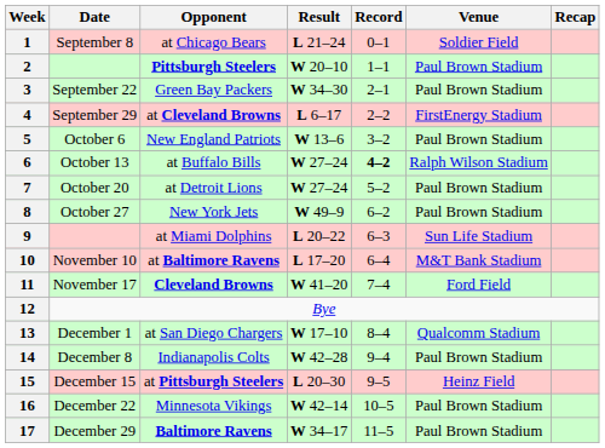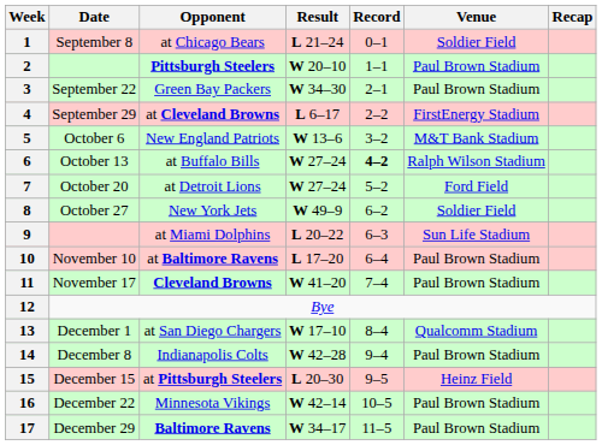 <table class="wikitable" style="text-align:center">
 <tr>
 <th>Week</th>
 <th>Date</th>
 <th>Opponent</th>
 <th>Result</th>
 <th>Record</th>
 <th>Venue</th>
 <th>Recap</th>
 </tr>
 <tr style="background:#fcc">
 <th>1</th>
 <td>September 8</td>
 <td>at <a href='#'>Chicago Bears</a></td>
 <td><strong>L</strong> 21–24</td>
 <td>0–1</td>
 <td><a href='#'>Soldier Field</a></td>
 <td></td>
 </tr>
 <tr style="background:#cfc">
 <th>2</th>
 <td></td>
 <td><strong><a href='#'>Pittsburgh Steelers</a></strong></td>
 <td><strong>W</strong> 20–10</td>
 <td>1–1</td>
 <td><a href='#'>Paul Brown Stadium</a></td>
 <td></td>
 </tr>
 <tr style="background:#cfc">
 <th>3</th>
 <td>September 22</td>
 <td><a href='#'>Green Bay Packers</a></td>
 <td><strong>W</strong> 34–30</td>
 <td>2–1</td>
 <td>Paul Brown Stadium</td>
 <td></td>
 </tr>
 <tr style="background:#fcc">
 <th>4</th>
 <td>September 29</td>
 <td>at <strong><a href='#'>Cleveland Browns</a></strong></td>
 <td><strong>L</strong> 6–17</td>
 <td>2–2</td>
 <td><a href='#'>FirstEnergy Stadium</a></td>
 <td></td>
 </tr>
 <tr style="background:#cfc">
 <th>5</th>
 <td>October 6</td>
 <td><a href='#'>New England Patriots</a></td>
 <td><strong>W</strong> 13–6</td>
 <td>3–2</td>
-<td>Paul Brown Stadium</td>
+<td><a href='#'>M&T Bank Stadium</a></td>
 <td></td>
 </tr>
 <tr style="background:#cfc">
 <th>6</th>
 <td>October 13</td>
 <td>at <a href='#'>Buffalo Bills</a></td>
 <td><strong>W</strong> 27–24 </td>
 <td><strong>4–2</strong></td>
 <td><a href='#'>Ralph Wilson Stadium</a></td>
 <td></td>
 </tr>
 <tr style="background:#cfc">
 <th>7</th>
 <td>October 20</td>
 <td>at <a href='#'>Detroit Lions</a></td>
 <td><strong>W</strong> 27–24</td>
 <td>5–2</td>
-<td>Paul Brown Stadium</td>
+<td><a href='#'>Ford Field</a></td>
 <td></td>
 </tr>
 <tr style="background:#cfc">
 <th>8</th>
 <td>October 27</td>
 <td><a href='#'>New York Jets</a></td>
 <td><strong>W</strong> 49–9</td>
 <td>6–2</td>
-<td>Paul Brown Stadium</td>
+<td><a href='#'>Soldier Field</a></td>
 <td></td>
 </tr>
 <tr style="background:#fcc">
 <th>9</th>
 <td></td>
 <td>at <a href='#'>Miami Dolphins</a></td>
 <td><strong>L</strong> 20–22 </td>
 <td>6–3</td>
 <td><a href='#'>Sun Life Stadium</a></td>
 <td></td>
 </tr>
 <tr style="background:#fcc">
 <th>10</th>
 <td>November 10</td>
 <td>at <strong><a href='#'>Baltimore Ravens</a></strong></td>
 <td><strong>L</strong> 17–20 </td>
 <td>6–4</td>
-<td><a href='#'>M&T Bank Stadium</a></td>
+<td>Paul Brown Stadium</td>
 <td></td>
 </tr>
 <tr style="background:#cfc">
 <th>11</th>
 <td>November 17</td>
 <td><strong><a href='#'>Cleveland Browns</a></strong></td>
 <td><strong>W</strong> 41–20</td>
 <td>7–4</td>
-<td><a href='#'>Ford Field</a></td>
+<td>Paul Brown Stadium</td>
 <td></td>
 </tr>
 <tr style="text-align:center;">
 <th>12</th>
 <td colspan="6"><em><a href='#'>Bye</a></em></td>
 </tr>
 <tr style="background:#cfc">
 <th>13</th>
 <td>December 1</td>
 <td>at <a href='#'>San Diego Chargers</a></td>
 <td><strong>W</strong> 17–10</td>
 <td>8–4</td>
 <td><a href='#'>Qualcomm Stadium</a></td>
 <td></td>
 </tr>
 <tr style="background:#cfc">
 <th>14</th>
 <td>December 8</td>
 <td><a href='#'>Indianapolis Colts</a></td>
 <td><strong>W</strong> 42–28</td>
 <td>9–4</td>
 <td>Paul Brown Stadium</td>
 <td></td>
 </tr>
 <tr style="background:#fcc">
 <th>15</th>
 <td>December 15</td>
 <td>at <strong><a href='#'>Pittsburgh Steelers</a></strong></td>
 <td><strong>L</strong> 20–30</td>
 <td>9–5</td>
 <td><a href='#'>Heinz Field</a></td>
 <td></td>
 </tr>
 <tr style="background:#cfc">
 <th>16</th>
 <td>December 22</td>
 <td><a href='#'>Minnesota Vikings</a></td>
 <td><strong>W</strong> 42–14</td>
 <td>10–5</td>
 <td>Paul Brown Stadium</td>
 <td></td>
 </tr>
 <tr style="background:#cfc">
 <th>17</th>
 <td>December 29</td>
 <td><strong><a href='#'>Baltimore Ravens</a></strong></td>
 <td><strong>W</strong> 34–17</td>
 <td>11–5</td>
 <td>Paul Brown Stadium</td>
 <td></td>
 </tr>
 </table>
